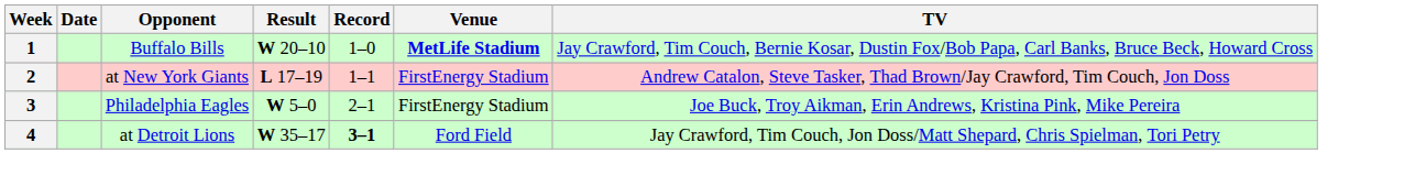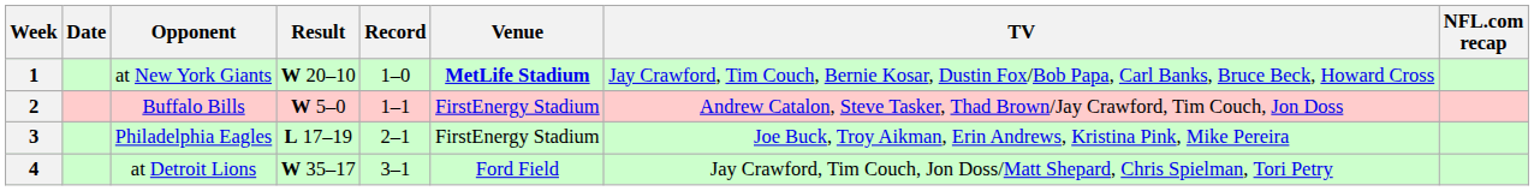 <table class="wikitable" style="text-align:center">
 <tr>
 <th>Week</th>
 <th>Date</th>
 <th>Opponent</th>
 <th>Result</th>
 <th>Record</th>
 <th>Venue</th>
 <th>TV</th>
+<th>NFL.com<br>recap</th>
 </tr>
 <tr style="background:#cfc">
 <th>1</th>
 <td></td>
-<td><a href='#'>Buffalo Bills</a></td>
+<td>at <a href='#'>New York Giants</a></td>
 <td><strong>W</strong> 20–10</td>
 <td>1–0</td>
 <td><strong><a href='#'>MetLife Stadium</a></strong></td>
 <td><a href='#'>Jay Crawford</a>, <a href='#'>Tim Couch</a>, <a href='#'>Bernie Kosar</a>, <a href='#'>Dustin Fox</a>/<a href='#'>Bob Papa</a>, <a href='#'>Carl Banks</a>, <a href='#'>Bruce Beck</a>, <a href='#'>Howard Cross</a></td>
+<td></td>
 </tr>
 <tr style="background:#fcc">
 <th>2</th>
 <td></td>
-<td>at <a href='#'>New York Giants</a></td>
-<td><strong>L</strong> 17–19</td>
+<td><a href='#'>Buffalo Bills</a></td>
+<td><strong>W</strong> 5–0</td>
 <td>1–1</td>
 <td><a href='#'>FirstEnergy Stadium</a></td>
 <td><a href='#'>Andrew Catalon</a>, <a href='#'>Steve Tasker</a>, <a href='#'>Thad Brown</a>/Jay Crawford, Tim Couch, <a href='#'>Jon Doss</a></td>
+<td></td>
 </tr>
 <tr style="background:#cfc">
 <th>3</th>
 <td></td>
 <td><a href='#'>Philadelphia Eagles</a></td>
-<td><strong>W</strong> 5–0</td>
+<td><strong>L</strong> 17–19</td>
 <td>2–1</td>
 <td>FirstEnergy Stadium</td>
 <td><a href='#'>Joe Buck</a>, <a href='#'>Troy Aikman</a>, <a href='#'>Erin Andrews</a>, <a href='#'>Kristina Pink</a>, <a href='#'>Mike Pereira</a></td>
+<td></td>
 </tr>
 <tr style="background:#cfc">
 <th>4</th>
 <td></td>
 <td>at <a href='#'>Detroit Lions</a></td>
 <td><strong>W</strong> 35–17</td>
-<td><strong>3–1</strong></td>
+<td>3–1</td>
 <td><a href='#'>Ford Field</a></td>
 <td>Jay Crawford, Tim Couch, Jon Doss/<a href='#'>Matt Shepard</a>, <a href='#'>Chris Spielman</a>, <a href='#'>Tori Petry</a></td>
+<td></td>
 </tr>
 </table>
